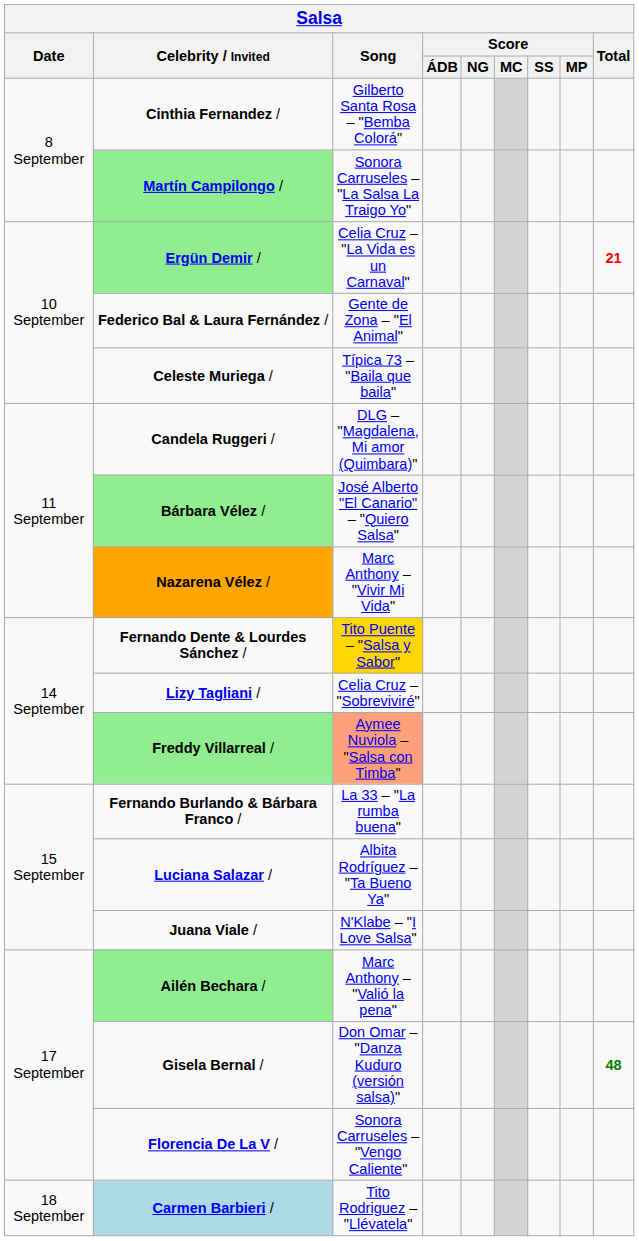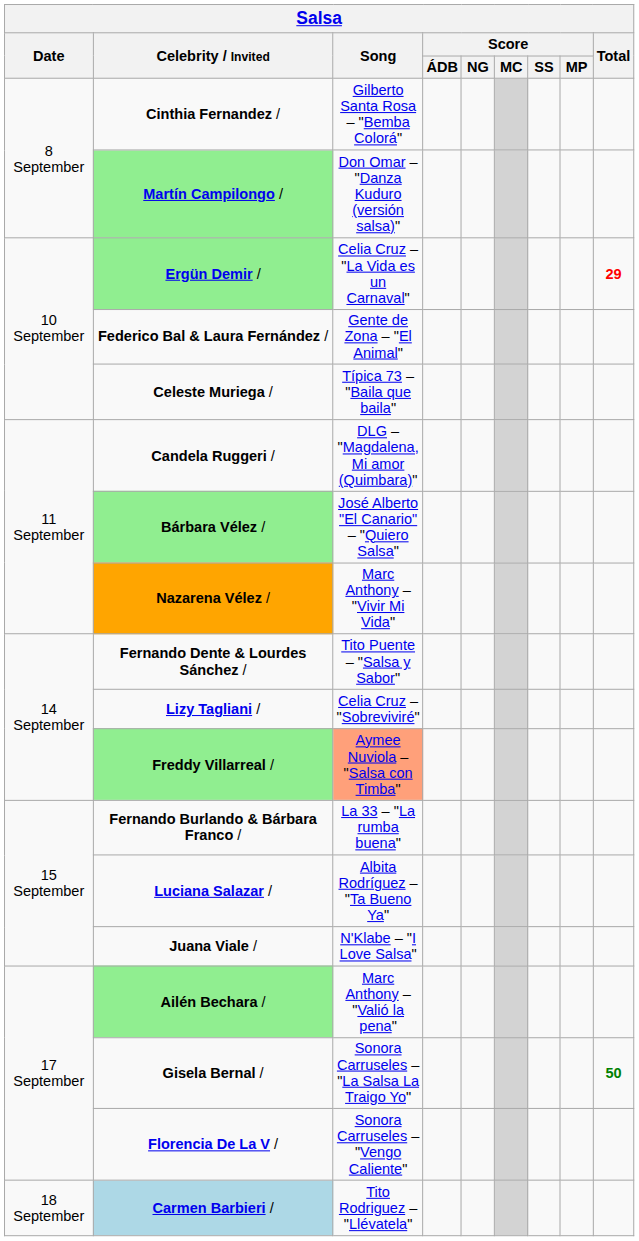 <table class="wikitable collapsible collapsed" style="font-size:90%; text-align: center; width: 100%;">
 <tr>
 <th colspan="11" style="with: 95%;" align=center><big><a href='#'>Salsa</a></big></th>
 </tr>
 <tr>
 <th width=90 rowspan="2">Date</th>
 <th width=360 rowspan="2">Celebrity / <small>Invited</small></th>
 <th rowspan="2">Song</th>
 <th colspan="5">Score</th>
 <th rowspan="2">Total</th>
 </tr>
 <tr>
 <th width=30>ÁDB</th>
 <th width=30>NG</th>
 <th width=30>MC</th>
 <th width=30>SS</th>
 <th width=30>MP</th>
 </tr>
 <tr>
 <td rowspan=2>8 September</td>
 <td><strong>Cinthia Fernandez</strong> / </td>
 <td><a href='#'>Gilberto Santa Rosa</a> – "<a href='#'>Bemba Colorá</a>"</td>
 <td></td>
 <td></td>
 <td bgcolor="lightgray"></td>
 <td></td>
 <td></td>
 <td></td>
 </tr>
 <tr>
 <td style="background:lightgreen;"><strong><a href='#'>Martín Campilongo</a></strong> / </td>
-<td><a href='#'>Sonora Carruseles</a> – "<a href='#'>La Salsa La Traigo Yo</a>"</td>
+<td><a href='#'>Don Omar</a> – "<a href='#'>Danza Kuduro (versión salsa)</a>"</td>
 <td></td>
 <td></td>
 <td bgcolor="lightgray"></td>
 <td></td>
 <td></td>
 <td></td>
 </tr>
 <tr>
 <td rowspan=3>10 September</td>
 <td style="background:lightgreen;"><strong><a href='#'>Ergün Demir</a></strong> / </td>
 <td><a href='#'>Celia Cruz</a> – "<a href='#'>La Vida es un Carnaval</a>"</td>
 <td></td>
 <td></td>
 <td bgcolor="lightgray"></td>
 <td></td>
 <td></td>
-<td style="text-align:center; color:red;"><strong>21</strong></td>
+<td style="text-align:center; color:red;"><strong>29</strong></td>
 </tr>
 <tr>
 <td><strong>Federico Bal & Laura Fernández</strong> / </td>
 <td><a href='#'>Gente de Zona</a> – "<a href='#'>El Animal</a>"</td>
 <td></td>
 <td></td>
 <td bgcolor="lightgray"></td>
 <td></td>
 <td></td>
 <td></td>
 </tr>
 <tr>
 <td><strong>Celeste Muriega</strong> / </td>
 <td><a href='#'>Típica 73</a> – "<a href='#'>Baila que baila</a>"</td>
 <td></td>
 <td></td>
 <td bgcolor="lightgray"></td>
 <td></td>
 <td></td>
 <td></td>
 </tr>
 <tr>
 <td rowspan=3>11 September</td>
 <td><strong>Candela Ruggeri</strong> / </td>
 <td><a href='#'>DLG</a> – "<a href='#'>Magdalena, Mi amor (Quimbara)</a>"</td>
 <td></td>
 <td></td>
 <td bgcolor="lightgray"></td>
 <td></td>
 <td></td>
 <td></td>
 </tr>
 <tr>
 <td style="background:lightgreen;"><strong>Bárbara Vélez</strong> / </td>
 <td><a href='#'>José Alberto "El Canario"</a> – "<a href='#'>Quiero Salsa</a>"</td>
 <td></td>
 <td></td>
 <td bgcolor="lightgray"></td>
 <td></td>
 <td></td>
 <td></td>
 </tr>
 <tr>
 <td style="background:Orange;"><strong>Nazarena Vélez</strong> / </td>
 <td><a href='#'>Marc Anthony</a> – "<a href='#'>Vivir Mi Vida</a>"</td>
 <td></td>
 <td></td>
 <td bgcolor="lightgray"></td>
 <td></td>
 <td></td>
 <td></td>
 </tr>
 <tr>
 <td rowspan=3>14 September</td>
 <td><strong>Fernando Dente & Lourdes Sánchez</strong> / </td>
-<td style="background: gold;"><a href='#'>Tito Puente</a> – "<a href='#'>Salsa y Sabor</a>"</td>
+<td><a href='#'>Tito Puente</a> – "<a href='#'>Salsa y Sabor</a>"</td>
 <td></td>
 <td></td>
 <td bgcolor="lightgray"></td>
 <td></td>
 <td></td>
 <td></td>
 </tr>
 <tr>
 <td><strong><a href='#'>Lizy Tagliani</a></strong> / </td>
 <td><a href='#'>Celia Cruz</a> – "<a href='#'>Sobreviviré</a>"</td>
 <td></td>
 <td></td>
 <td bgcolor="lightgray"></td>
 <td></td>
 <td></td>
 <td></td>
 </tr>
 <tr>
 <td style="background:lightgreen;"><strong>Freddy Villarreal</strong> / </td>
 <td style="background: lightsalmon;"><a href='#'>Aymee Nuviola</a> – "<a href='#'>Salsa con Timba</a>"</td>
 <td></td>
 <td></td>
 <td bgcolor="lightgray"></td>
 <td></td>
 <td></td>
 <td></td>
 </tr>
 <tr>
 <td rowspan=3>15 September</td>
 <td><strong>Fernando Burlando & Bárbara Franco</strong> / </td>
 <td><a href='#'>La 33</a> – "<a href='#'>La rumba buena</a>"</td>
 <td></td>
 <td></td>
 <td bgcolor="lightgray"></td>
 <td></td>
 <td></td>
 <td></td>
 </tr>
 <tr>
 <td><strong><a href='#'>Luciana Salazar</a></strong> / </td>
 <td><a href='#'>Albita Rodríguez</a> – "<a href='#'>Ta Bueno Ya</a>"</td>
 <td></td>
 <td></td>
 <td bgcolor="lightgray"></td>
 <td></td>
 <td></td>
 <td></td>
 </tr>
 <tr>
 <td><strong>Juana Viale</strong> / </td>
 <td><a href='#'>N'Klabe</a> – "<a href='#'>I Love Salsa</a>"</td>
 <td></td>
 <td></td>
 <td bgcolor="lightgray"></td>
 <td></td>
 <td></td>
 <td></td>
 </tr>
 <tr>
 <td rowspan=3>17 September</td>
 <td style="background:lightgreen;"><strong>Ailén Bechara</strong> / </td>
 <td><a href='#'>Marc Anthony</a> – "<a href='#'>Valió la pena</a>"</td>
 <td></td>
 <td></td>
 <td bgcolor="lightgray"></td>
 <td></td>
 <td></td>
 <td></td>
 </tr>
 <tr>
 <td><strong>Gisela Bernal</strong> / </td>
-<td><a href='#'>Don Omar</a> – "<a href='#'>Danza Kuduro (versión salsa)</a>"</td>
+<td><a href='#'>Sonora Carruseles</a> – "<a href='#'>La Salsa La Traigo Yo</a>"</td>
 <td></td>
 <td></td>
 <td bgcolor="lightgray"></td>
 <td></td>
 <td></td>
-<td style="text-align:center; color:green;"><strong>48</strong></td>
+<td style="text-align:center; color:green;"><strong>50</strong></td>
 </tr>
 <tr>
 <td><strong><a href='#'>Florencia De La V</a></strong> / </td>
 <td><a href='#'>Sonora Carruseles</a> – "<a href='#'>Vengo Caliente</a>"</td>
 <td></td>
 <td></td>
 <td bgcolor="lightgray"></td>
 <td></td>
 <td></td>
 <td></td>
 </tr>
 <tr>
 <td rowspan=1>18 September</td>
 <td style="background:lightblue;"><strong><a href='#'>Carmen Barbieri</a></strong> / </td>
 <td><a href='#'>Tito Rodriguez</a> – "<a href='#'>Llévatela</a>"</td>
 <td></td>
 <td></td>
 <td bgcolor="lightgray"></td>
 <td></td>
 <td></td>
 <td></td>
 </tr>
 </table>
